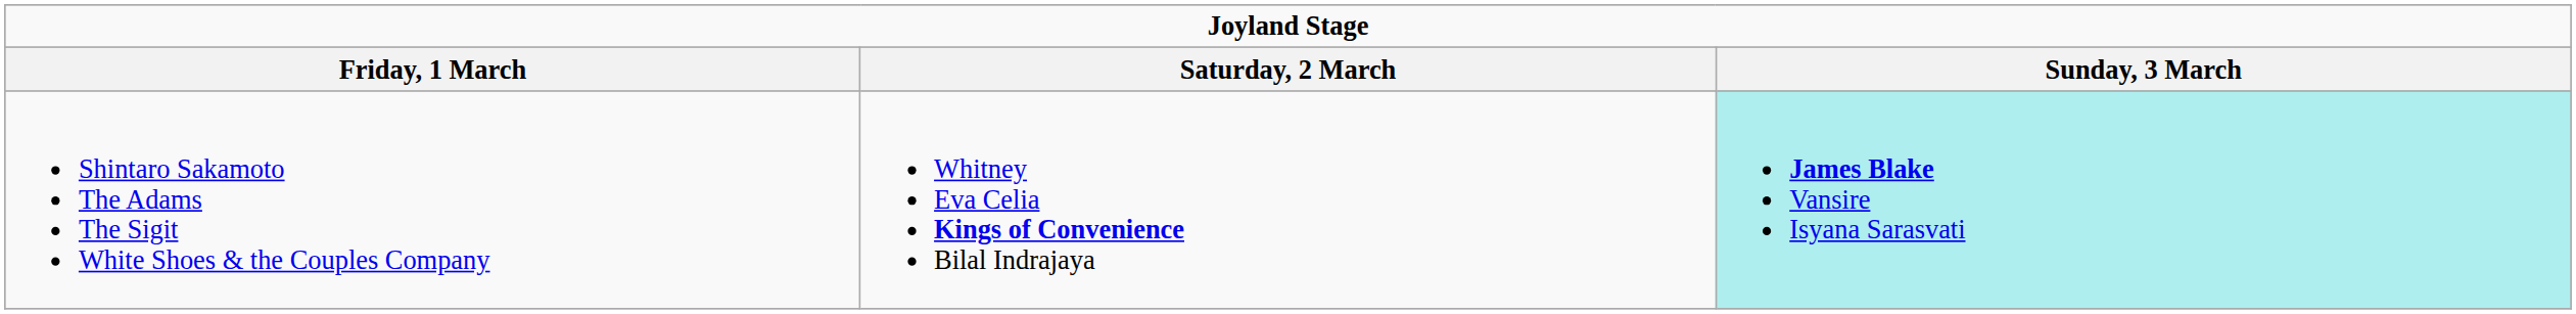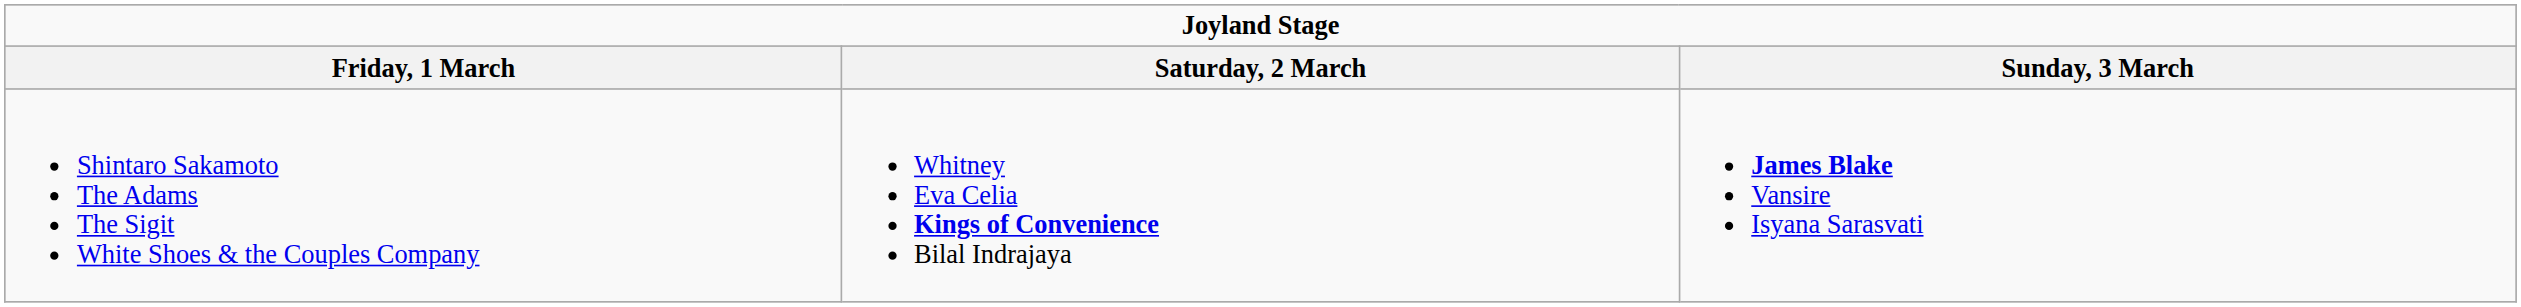 <table class="wikitable">
 <tr>
 <td colspan="4" align="center"><strong>Joyland Stage</strong></td>
 </tr>
 <tr>
 <th width="500">Friday, 1 March</th>
 <th width="500">Saturday, 2 March</th>
 <th width="500">Sunday, 3 March</th>
 </tr>
 <tr valign="top">
 <td><br><ul><li><a href='#'>Shintaro Sakamoto</a></li><li><a href='#'>The Adams</a></li><li><a href='#'>The Sigit</a></li><li><a href='#'>White Shoes & the Couples Company</a></li></ul></td>
 <td><br><ul><li><a href='#'>Whitney</a></li><li><a href='#'>Eva Celia</a></li><li><strong><a href='#'>Kings of Convenience</a></strong></li><li>Bilal Indrajaya</li></ul></td>
-<td style="background: paleturquoise;"><br><ul><li><strong><a href='#'>James Blake</a></strong></li><li><a href='#'>Vansire</a></li><li><a href='#'>Isyana Sarasvati</a></li></ul></td>
+<td><br><ul><li><strong><a href='#'>James Blake</a></strong></li><li><a href='#'>Vansire</a></li><li><a href='#'>Isyana Sarasvati</a></li></ul></td>
 </tr>
 </table>
